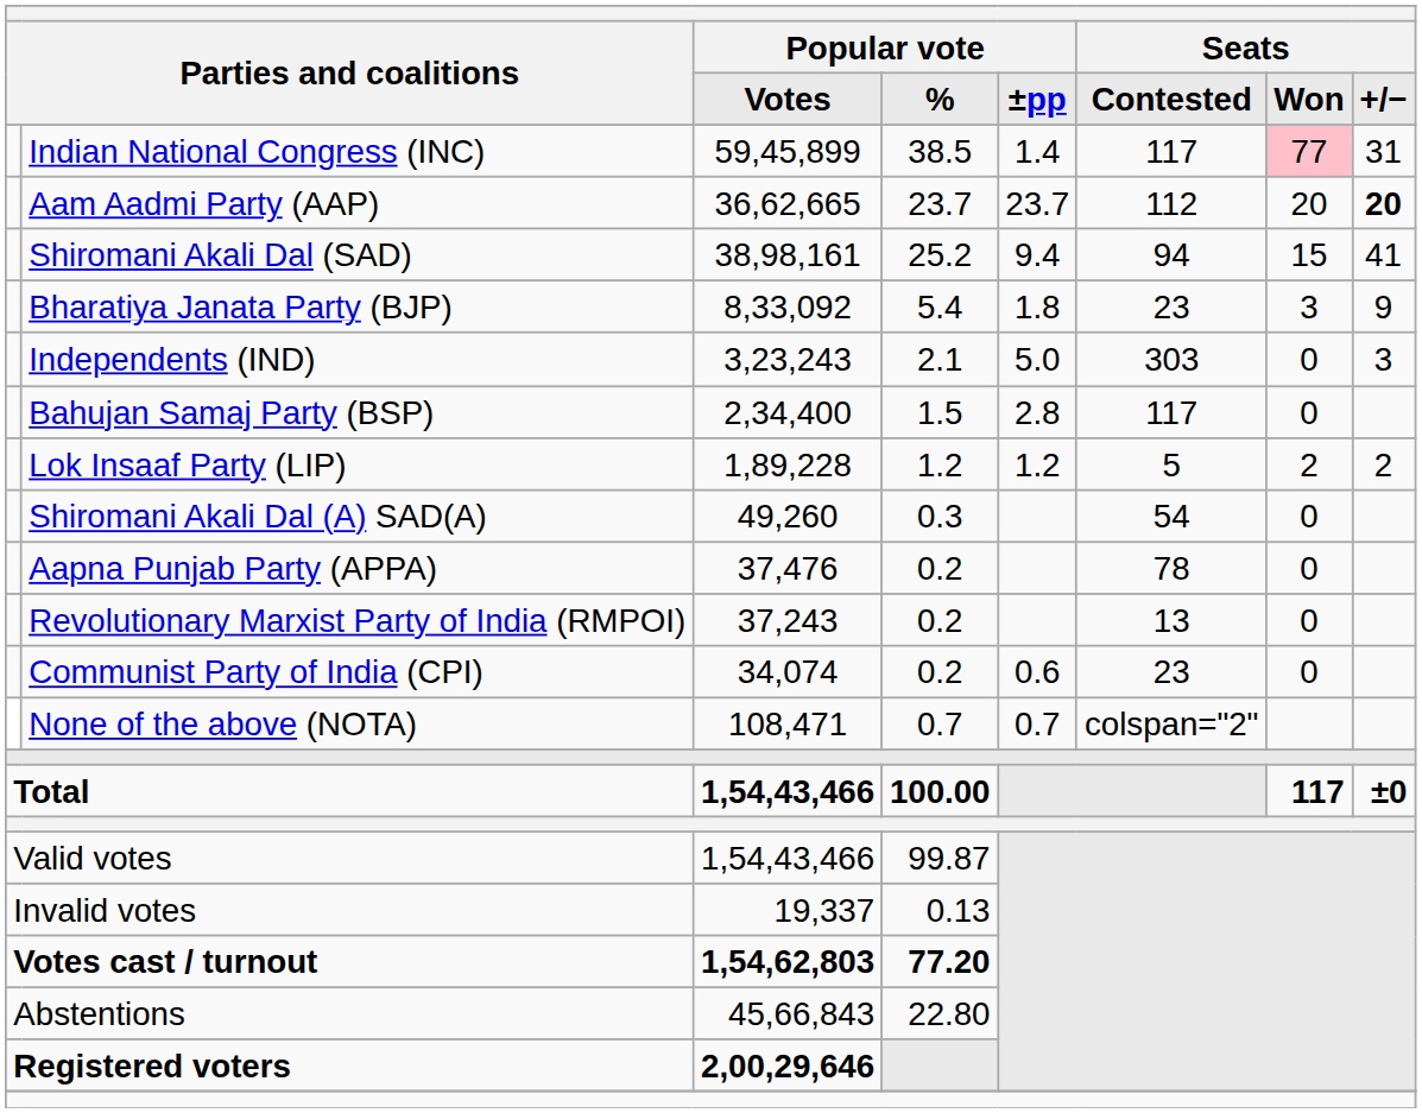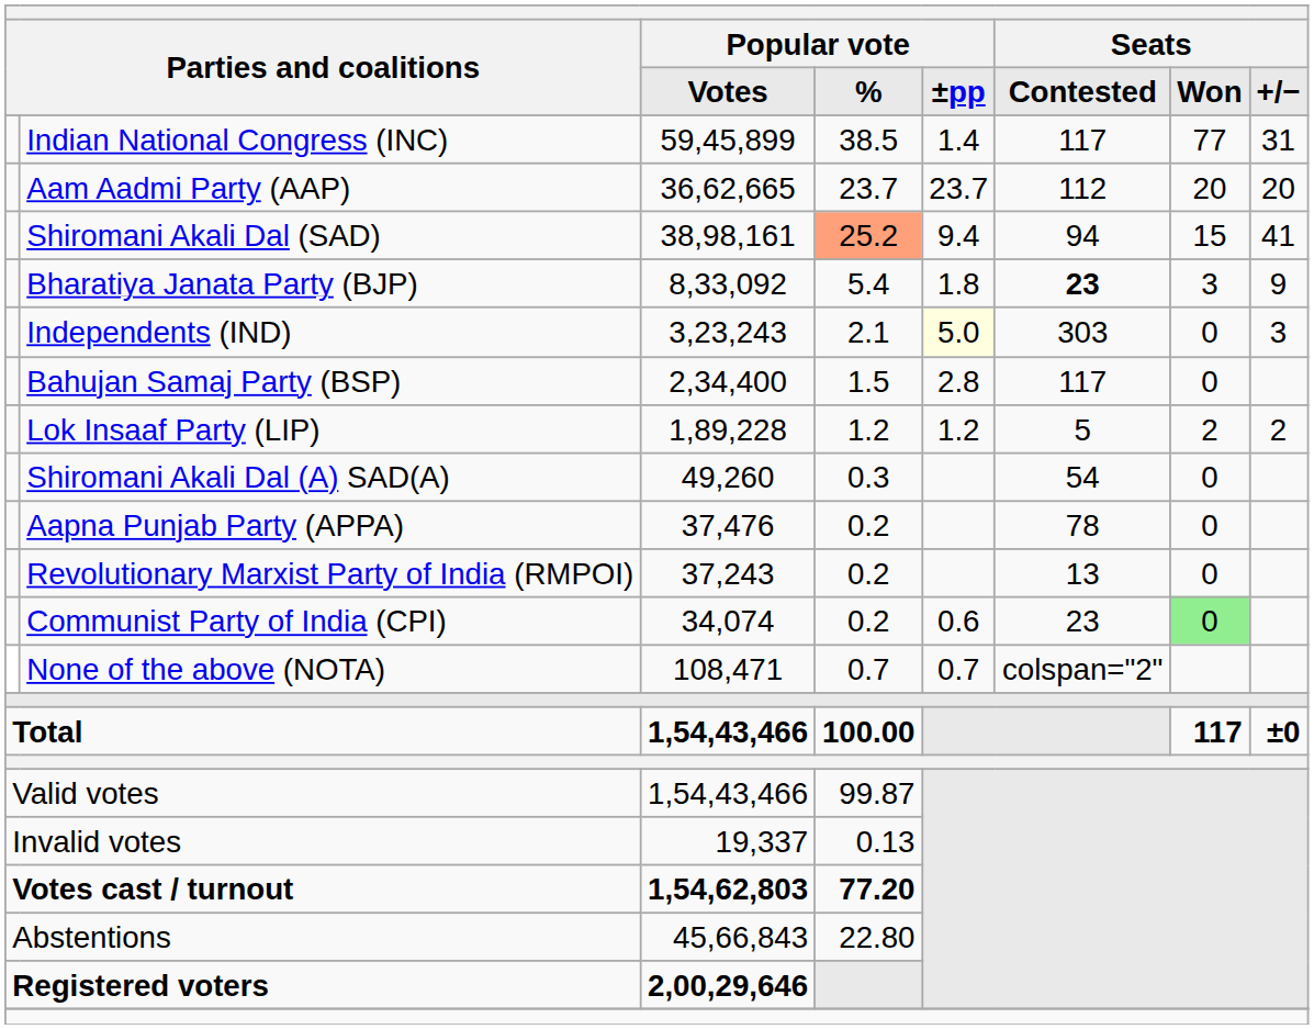 <table class="wikitable" style="text-align:right; font-size:95%;">
 <tr>
 <th colspan=10></th>
 </tr>
 <tr style="background:#e9e9e9; text-align:center;">
 <th colspan="2" rowspan="2"><strong>Parties and coalitions</strong></th>
 <th colspan="3">Popular vote</th>
 <th colspan="3">Seats</th>
 </tr>
 <tr>
 <th style="background-color:#E9E9E9;text-align:center;">Votes</th>
 <th style="background-color:#E9E9E9;text-align:center;">%</th>
 <th style="background-color:#E9E9E9;text-align:center;"><strong>±</strong><a href='#'>pp</a></th>
 <th style="background-color:#E9E9E9;text-align:center;">Contested</th>
 <th style="background-color:#E9E9E9;text-align:center;">Won</th>
 <th style="background-color:#E9E9E9;text-align:center;"><strong>+/−</strong></th>
 </tr>
 <tr>
 <td></td>
 <td style="text-align:left;"><a href='#'>Indian National Congress</a> (INC)</td>
 <td style="text-align:center;">59,45,899</td>
 <td style="text-align:center;">38.5</td>
 <td style="text-align:center;">1.4</td>
 <td style="text-align:center;">117</td>
-<td style="background: pink; text-align:center;">77</td>
+<td style="text-align:center;">77</td>
 <td style="text-align:center;">31</td>
 </tr>
 <tr>
 <td></td>
 <td style="text-align:left;"><a href='#'>Aam Aadmi Party</a> (AAP)</td>
 <td style="text-align:center;">36,62,665</td>
 <td style="text-align:center;">23.7</td>
 <td style="text-align:center;">23.7</td>
 <td style="text-align:center;">112</td>
 <td style="text-align:center;">20</td>
-<td style="text-align:center;"><strong>20</strong></td>
+<td style="text-align:center;">20</td>
 </tr>
 <tr>
 <td></td>
 <td style="text-align:left;"><a href='#'>Shiromani Akali Dal</a> (SAD)</td>
 <td style="text-align:center;">38,98,161</td>
-<td style="text-align:center;">25.2</td>
+<td style="background: lightsalmon; text-align:center;">25.2</td>
 <td style="text-align:center;">9.4</td>
 <td style="text-align:center;">94</td>
 <td style="text-align:center;">15</td>
 <td style="text-align:center;">41</td>
 </tr>
 <tr>
 <td></td>
 <td style="text-align:left;"><a href='#'>Bharatiya Janata Party</a> (BJP)</td>
 <td style="text-align:center;">8,33,092</td>
 <td style="text-align:center;">5.4</td>
 <td style="text-align:center;">1.8</td>
-<td style="text-align:center;">23</td>
+<td style="text-align:center;"><strong>23</strong></td>
 <td style="text-align:center;">3</td>
 <td style="text-align:center;">9</td>
 </tr>
 <tr>
 <td></td>
 <td style="text-align:left;"><a href='#'>Independents</a> (IND)</td>
 <td style="text-align:center;">3,23,243</td>
 <td style="text-align:center;">2.1</td>
-<td style="text-align:center;">5.0</td>
+<td style="background: lightyellow; text-align:center;">5.0</td>
 <td style="text-align:center;">303</td>
 <td style="text-align:center;">0</td>
 <td style="text-align:center;">3</td>
 </tr>
 <tr>
 <td></td>
 <td style="text-align:left;"><a href='#'>Bahujan Samaj Party</a> (BSP)</td>
 <td style="text-align:center;">2,34,400</td>
 <td style="text-align:center;">1.5</td>
 <td style="text-align:center;">2.8</td>
 <td style="text-align:center;">117</td>
 <td style="text-align:center;">0</td>
 <td style="text-align:center;"></td>
 </tr>
 <tr>
 <td></td>
 <td style="text-align:left;"><a href='#'>Lok Insaaf Party</a> (LIP)</td>
 <td style="text-align:center;">1,89,228</td>
 <td style="text-align:center;">1.2</td>
 <td style="text-align:center;">1.2</td>
 <td style="text-align:center;">5</td>
 <td style="text-align:center;">2</td>
 <td style="text-align:center;">2</td>
 </tr>
 <tr>
 <td></td>
 <td style="text-align:left;"><a href='#'>Shiromani Akali Dal (A)</a> SAD(A)</td>
 <td style="text-align:center;">49,260</td>
 <td style="text-align:center;">0.3</td>
 <td style="text-align:center;"></td>
 <td style="text-align:center;">54</td>
 <td style="text-align:center;">0</td>
 <td style="text-align:center;"></td>
 </tr>
 <tr>
 <td></td>
 <td style="text-align:left;"><a href='#'>Aapna Punjab Party</a> (APPA)</td>
 <td style="text-align:center;">37,476</td>
 <td style="text-align:center;">0.2</td>
 <td style="text-align:center;"></td>
 <td style="text-align:center;">78</td>
 <td style="text-align:center;">0</td>
 <td style="text-align:center;"></td>
 </tr>
 <tr>
 <td></td>
 <td style="text-align:left;"><a href='#'>Revolutionary Marxist Party of India</a> (RMPOI)</td>
 <td style="text-align:center;">37,243</td>
 <td style="text-align:center;">0.2</td>
 <td style="text-align:center;"></td>
 <td style="text-align:center;">13</td>
 <td style="text-align:center;">0</td>
 <td style="text-align:center;"></td>
 </tr>
 <tr>
 <td></td>
 <td style="text-align:left;"><a href='#'>Communist Party of India</a> (CPI)</td>
 <td style="text-align:center;">34,074</td>
 <td style="text-align:center;">0.2</td>
 <td style="text-align:center;">0.6</td>
 <td style="text-align:center;">23</td>
-<td style="text-align:center;">0</td>
+<td style="background: lightgreen; text-align:center;">0</td>
 <td style="text-align:center;"></td>
 </tr>
 <tr>
 <td bgcolor="white"></td>
 <td style="text-align:left;"><a href='#'>None of the above</a> (NOTA)</td>
 <td style="text-align:center;">108,471</td>
 <td style="text-align:center;">0.7</td>
 <td style="text-align:center;">0.7</td>
 <td>colspan="2" </td>
 <td style="text-align:center;"></td>
 </tr>
 <tr>
 <td colspan="8" bgcolor="#E9E9E9"></td>
 </tr>
 <tr style="font-weight:bold;">
 <td align="left" colspan="2">Total</td>
 <td>1,54,43,466</td>
 <td>100.00</td>
 <td colspan="2" bgcolor="#E9E9E9"></td>
 <td>117</td>
 <td>±0</td>
 </tr>
 <tr>
 <th colspan="9"></th>
 </tr>
 <tr>
 <td style="text-align:left;" colspan="2">Valid votes</td>
 <td align="right">1,54,43,466</td>
 <td align="right">99.87</td>
 <td colspan="4" rowspan="5" style="background-color:#E9E9E9"></td>
 </tr>
 <tr>
 <td style="text-align:left;" colspan="2">Invalid votes</td>
 <td align="right">19,337</td>
 <td align="right">0.13</td>
 </tr>
 <tr>
 <td style="text-align:left;" colspan="2"><strong>Votes cast / turnout</strong></td>
 <td align="right"><strong>1,54,62,803</strong></td>
 <td align="right"><strong>77.20</strong></td>
 </tr>
 <tr>
 <td style="text-align:left;" colspan="2">Abstentions</td>
 <td align="right">45,66,843</td>
 <td align="right">22.80</td>
 </tr>
 <tr>
 <td style="text-align:left;" colspan="2"><strong>Registered voters</strong></td>
 <td align="right"><strong>2,00,29,646</strong></td>
 <td colspan="1" style="background-color:#E9E9E9"></td>
 </tr>
 <tr>
 </tr>
 <tr>
 <td colspan=8></td>
 </tr>
 </table>
